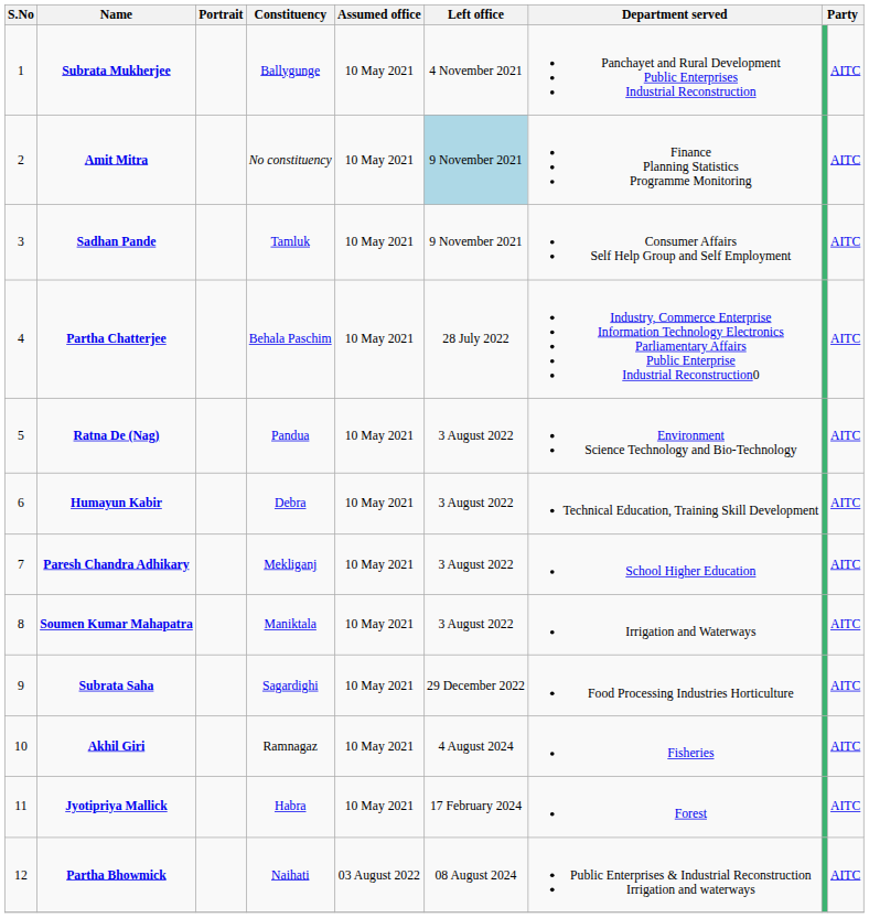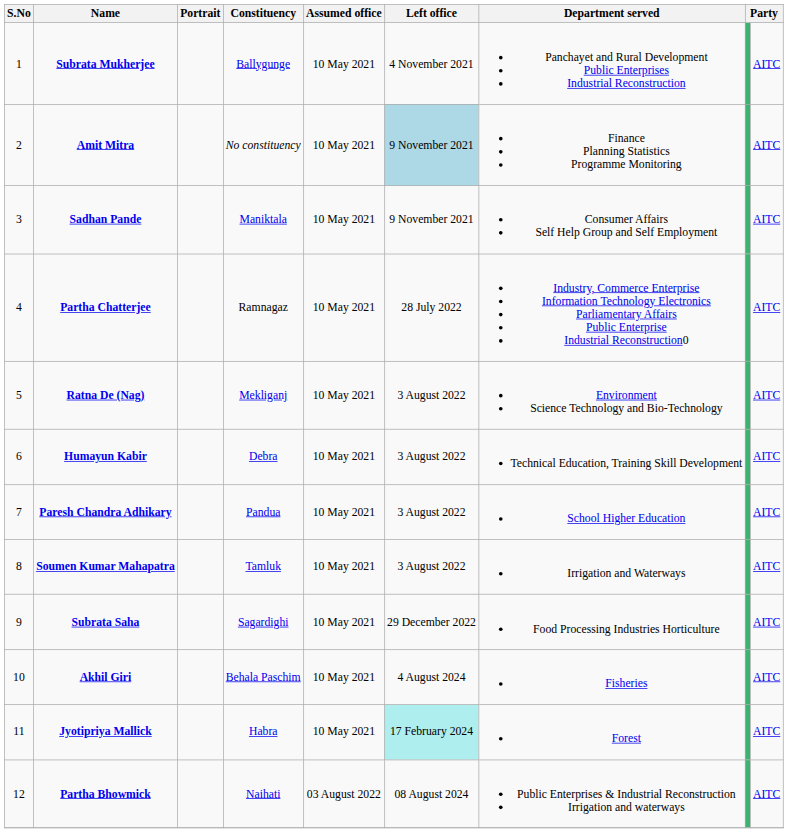 <table class="wikitable sortable" style="text-align:center;">
 <tr>
 <th>S.No</th>
 <th>Name</th>
 <th>Portrait</th>
 <th>Constituency</th>
 <th>Assumed office</th>
 <th>Left office</th>
 <th>Department served</th>
 <th colspan="2" scope="col">Party</th>
 </tr>
 <tr>
 <td>1</td>
 <td><strong><a href='#'>Subrata Mukherjee</a></strong></td>
 <td></td>
 <td><a href='#'>Ballygunge</a></td>
 <td>10 May 2021</td>
 <td>4 November 2021</td>
 <td><br><ul><li>Panchayet and Rural Development</li><li><a href='#'>Public Enterprises</a></li><li><a href='#'>Industrial Reconstruction</a></li></ul></td>
 <td bgcolor=#3CB371></td>
 <td><a href='#'>AITC</a></td>
 </tr>
 <tr>
 <td>2</td>
 <td><strong><a href='#'>Amit Mitra</a></strong></td>
 <td></td>
 <td><em>No constituency</em></td>
 <td>10 May 2021</td>
 <td style="background: lightblue;">9 November 2021</td>
 <td><br><ul><li>Finance</li><li>Planning  Statistics</li><li>Programme Monitoring</li></ul></td>
 <td bgcolor=#3CB371></td>
 <td><a href='#'>AITC</a></td>
 </tr>
 <tr>
 <td>3</td>
 <td><strong><a href='#'>Sadhan Pande</a></strong></td>
 <td></td>
-<td><a href='#'>Tamluk</a></td>
+<td><a href='#'>Maniktala</a></td>
 <td>10 May 2021</td>
 <td>9 November 2021</td>
 <td><br><ul><li>Consumer Affairs</li><li>Self Help Group and Self Employment</li></ul></td>
 <td bgcolor=#3CB371></td>
 <td><a href='#'>AITC</a></td>
 </tr>
 <tr>
 <td>4</td>
 <td><strong><a href='#'>Partha Chatterjee</a></strong></td>
 <td></td>
-<td><a href='#'>Behala Paschim</a></td>
+<td Ramnagar (Vidhan Sabha constituency)>Ramnagaz</td>
 <td>10 May 2021</td>
 <td>28 July 2022</td>
 <td><br><ul><li><a href='#'>Industry, Commerce  Enterprise</a></li><li><a href='#'>Information Technology  Electronics</a></li><li><a href='#'>Parliamentary Affairs</a></li><li><a href='#'>Public Enterprise</a></li><li><a href='#'>Industrial Reconstruction</a>0</li></ul></td>
 <td bgcolor=#3CB371></td>
 <td><a href='#'>AITC</a></td>
 </tr>
 <tr>
 <td>5</td>
 <td><strong><a href='#'>Ratna De (Nag)</a></strong></td>
 <td></td>
-<td><a href='#'>Pandua</a></td>
+<td><a href='#'>Mekliganj</a></td>
 <td>10 May 2021</td>
 <td>3 August 2022</td>
 <td><br><ul><li><a href='#'>Environment</a></li><li>Science  Technology and Bio-Technology</li></ul></td>
 <td bgcolor="#3CB371"></td>
 <td><a href='#'>AITC</a></td>
 </tr>
 <tr>
 <td>6</td>
 <td><strong><a href='#'>Humayun Kabir</a></strong></td>
 <td></td>
 <td><a href='#'>Debra</a></td>
 <td>10 May 2021</td>
 <td>3 August 2022</td>
 <td><br><ul><li>Technical Education, Training  Skill Development</li></ul></td>
 <td bgcolor="#3CB371"></td>
 <td><a href='#'>AITC</a></td>
 </tr>
 <tr>
 <td>7</td>
 <td><strong><a href='#'>Paresh Chandra Adhikary</a></strong></td>
 <td></td>
-<td><a href='#'>Mekliganj</a></td>
+<td><a href='#'>Pandua</a></td>
 <td>10 May 2021</td>
 <td>3 August 2022</td>
 <td><br><ul><li><a href='#'>School  Higher Education</a></li></ul></td>
 <td bgcolor="#3CB371"></td>
 <td><a href='#'>AITC</a></td>
 </tr>
 <tr>
 <td>8</td>
 <td><strong><a href='#'>Soumen Kumar Mahapatra</a></strong></td>
 <td></td>
-<td><a href='#'>Maniktala</a></td>
+<td><a href='#'>Tamluk</a></td>
 <td>10 May 2021</td>
 <td>3 August 2022</td>
 <td><br><ul><li>Irrigation and Waterways</li></ul></td>
 <td bgcolor="#3CB371"></td>
 <td><a href='#'>AITC</a></td>
 </tr>
 <tr>
 <td>9</td>
 <td><strong><a href='#'>Subrata Saha</a></strong></td>
 <td></td>
 <td><a href='#'>Sagardighi</a></td>
 <td>10 May 2021</td>
 <td>29 December 2022</td>
 <td><br><ul><li>Food Processing Industries Horticulture</li></ul></td>
 <td bgcolor="#3CB371"></td>
 <td><a href='#'>AITC</a></td>
 </tr>
 <tr>
 <td>10</td>
 <td><strong><a href='#'>Akhil Giri</a></strong></td>
 <td></td>
-<td Ramnagar (Vidhan Sabha constituency)>Ramnagaz</td>
+<td><a href='#'>Behala Paschim</a></td>
 <td>10 May 2021</td>
 <td>4 August 2024</td>
 <td><br><ul><li><a href='#'>Fisheries</a></li></ul></td>
 <td bgcolor="#3CB371"></td>
 <td><a href='#'>AITC</a></td>
 </tr>
 <tr>
 <td>11</td>
 <td><strong><a href='#'>Jyotipriya Mallick</a></strong></td>
 <td></td>
 <td><a href='#'>Habra</a></td>
 <td>10 May 2021</td>
-<td>17 February 2024</td>
+<td style="background: paleturquoise;">17 February 2024</td>
 <td><br><ul><li><a href='#'>Forest</a></li></ul></td>
 <td bgcolor="#3CB371"></td>
 <td><a href='#'>AITC</a></td>
 </tr>
 <tr>
 <td>12</td>
 <td><strong><a href='#'>Partha Bhowmick</a></strong></td>
 <td></td>
 <td><a href='#'>Naihati</a></td>
 <td>03 August 2022</td>
 <td>08 August 2024</td>
 <td><br><ul><li>Public Enterprises & Industrial Reconstruction</li><li>Irrigation and waterways</li></ul></td>
 <td bgcolor="#3CB371"></td>
 <td><a href='#'>AITC</a></td>
 </tr>
 <tr>
 </tr>
 </table>
